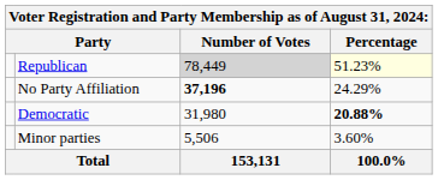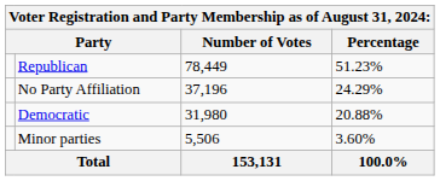 <table class="wikitable">
 <tr>
 <th colspan="4">Voter Registration and Party Membership as of August 31, 2024:</th>
 </tr>
 <tr>
 <th colspan="2">Party</th>
 <th>Number of Votes</th>
 <th>Percentage</th>
 </tr>
 <tr>
 <td></td>
 <td><a href='#'>Republican</a></td>
-<td style="background: lightgrey;">78,449</td>
-<td style="background: lightyellow;">51.23%</td>
+<td>78,449</td>
+<td>51.23%</td>
 </tr>
 <tr>
 <td></td>
 <td>No Party Affiliation</td>
-<td><strong>37,196</strong></td>
+<td>37,196</td>
 <td>24.29%</td>
 </tr>
 <tr>
 <td></td>
 <td><a href='#'>Democratic</a></td>
 <td>31,980</td>
-<td><strong>20.88%</strong></td>
+<td>20.88%</td>
 </tr>
 <tr>
 <td></td>
 <td>Minor parties</td>
 <td>5,506</td>
 <td>3.60%</td>
 </tr>
 <tr>
 <th colspan="2">Total</th>
 <th>153,131</th>
 <th>100.0%</th>
 </tr>
 </table>
